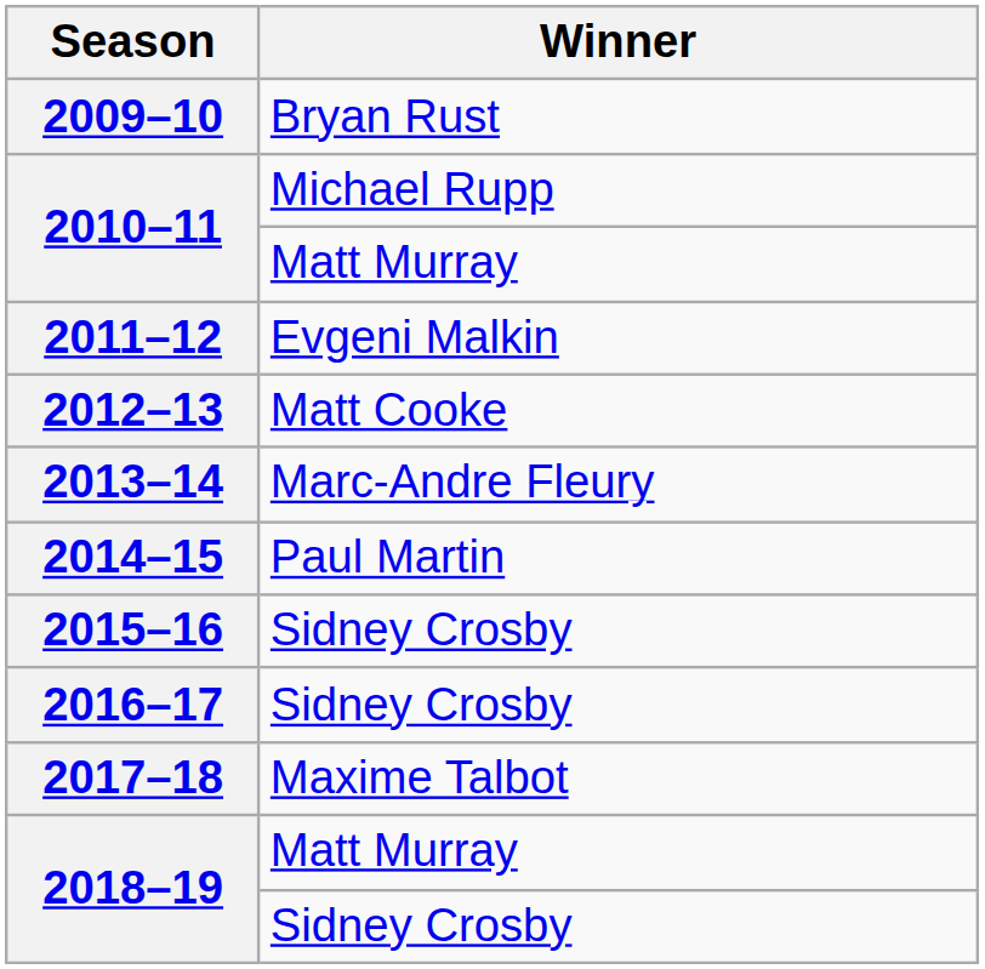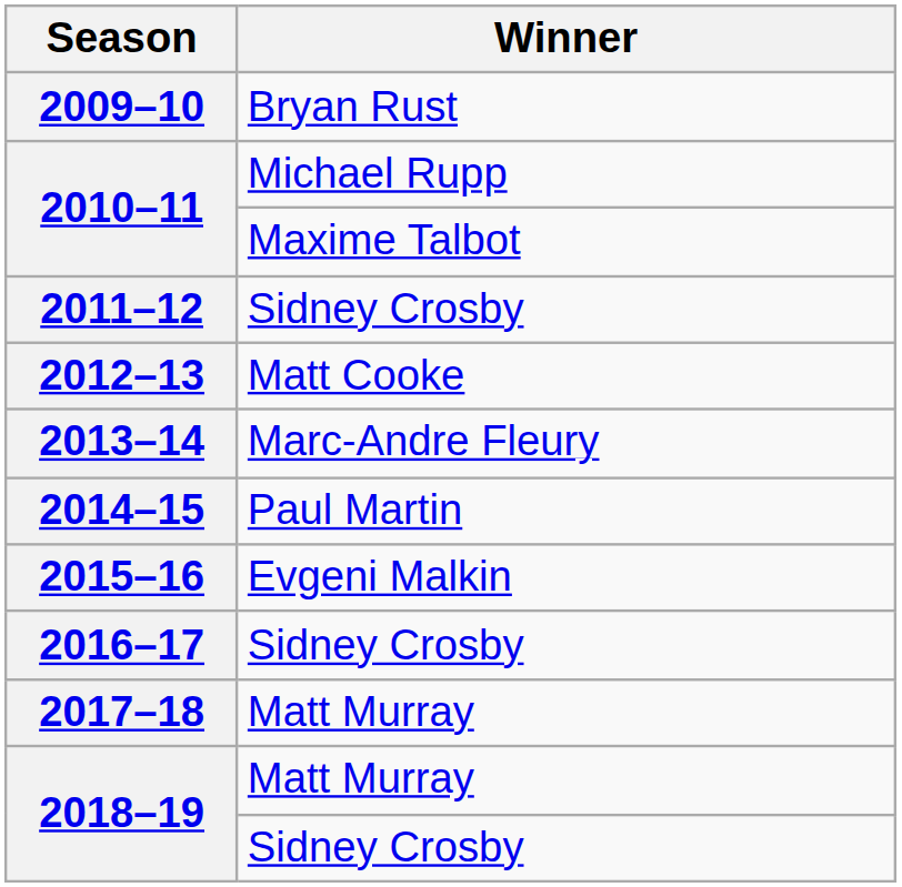 <table class="wikitable">
 <tr>
 <th scope="col" style="width:5em">Season</th>
 <th scope="col" style="width:15em">Winner</th>
 </tr>
 <tr>
 <th scope="row"><a href='#'>2009–10</a></th>
 <td><a href='#'>Bryan Rust</a></td>
 </tr>
 <tr>
 <th scope="row" rowspan="2"><a href='#'>2010–11</a></th>
 <td><a href='#'>Michael Rupp</a></td>
 </tr>
 <tr>
-<td><a href='#'>Matt Murray</a></td>
+<td><a href='#'>Maxime Talbot</a></td>
 </tr>
 <tr>
 <th scope="row"><a href='#'>2011–12</a></th>
-<td><a href='#'>Evgeni Malkin</a></td>
+<td><a href='#'>Sidney Crosby</a></td>
 </tr>
 <tr>
 <th scope="row"><a href='#'>2012–13</a></th>
 <td><a href='#'>Matt Cooke</a></td>
 </tr>
 <tr>
 <th scope="row"><a href='#'>2013–14</a></th>
 <td><a href='#'>Marc-Andre Fleury</a></td>
 </tr>
 <tr>
 <th scope="row"><a href='#'>2014–15</a></th>
 <td><a href='#'>Paul Martin</a></td>
 </tr>
 <tr>
 <th scope="row"><a href='#'>2015–16</a></th>
-<td><a href='#'>Sidney Crosby</a></td>
+<td><a href='#'>Evgeni Malkin</a></td>
 </tr>
 <tr>
 <th scope="row"><a href='#'>2016–17</a></th>
 <td><a href='#'>Sidney Crosby</a></td>
 </tr>
 <tr>
 <th scope="row"><a href='#'>2017–18</a></th>
-<td><a href='#'>Maxime Talbot</a></td>
+<td><a href='#'>Matt Murray</a></td>
 </tr>
 <tr>
 <th scope="row" rowspan="2"><a href='#'>2018–19</a></th>
 <td><a href='#'>Matt Murray</a></td>
 </tr>
 <tr>
 <td><a href='#'>Sidney Crosby</a></td>
 </tr>
 </table>
